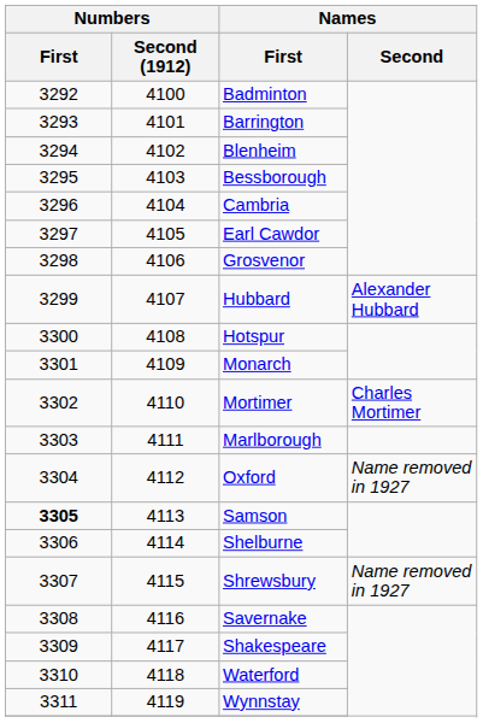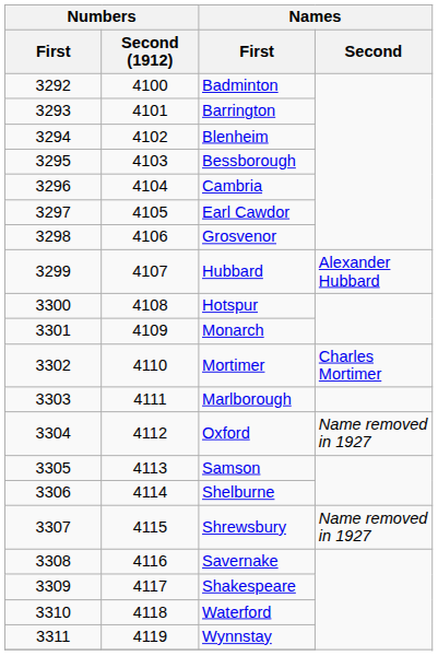 <table class="wikitable">
 <tr>
 <th colspan=2 align=center>Numbers</th>
 <th colspan=2>Names</th>
 </tr>
 <tr>
 <th width="90" align=center>First</th>
 <th width="90" align=center>Second (1912)</th>
 <th width="110" align=center>First</th>
 <th width="110" align=center>Second</th>
 </tr>
 <tr>
 <td align=center>3292</td>
 <td align=center>4100</td>
 <td><a href='#'>Badminton</a></td>
 </tr>
 <tr>
 <td align=center>3293</td>
 <td align=center>4101</td>
 <td><a href='#'>Barrington</a></td>
 </tr>
 <tr>
 <td align=center>3294</td>
 <td align=center>4102</td>
 <td><a href='#'>Blenheim</a></td>
 </tr>
 <tr>
 <td align=center>3295</td>
 <td align=center>4103</td>
 <td><a href='#'>Bessborough</a></td>
 </tr>
 <tr>
 <td align=center>3296</td>
 <td align=center>4104</td>
 <td><a href='#'>Cambria</a></td>
 </tr>
 <tr>
 <td align=center>3297</td>
 <td align=center>4105</td>
 <td><a href='#'>Earl Cawdor</a></td>
 </tr>
 <tr>
 <td align=center>3298</td>
 <td align=center>4106</td>
 <td><a href='#'>Grosvenor</a></td>
 </tr>
 <tr>
 <td align=center>3299</td>
 <td align=center>4107</td>
 <td><a href='#'>Hubbard</a></td>
 <td><a href='#'>Alexander Hubbard</a></td>
 </tr>
 <tr>
 <td align=center>3300</td>
 <td align=center>4108</td>
 <td><a href='#'>Hotspur</a></td>
 </tr>
 <tr>
 <td align=center>3301</td>
 <td align=center>4109</td>
 <td><a href='#'>Monarch</a></td>
 </tr>
 <tr>
 <td align=center>3302</td>
 <td align=center>4110</td>
 <td><a href='#'>Mortimer</a></td>
 <td><a href='#'>Charles Mortimer</a></td>
 </tr>
 <tr>
 <td align=center>3303</td>
 <td align=center>4111</td>
 <td><a href='#'>Marlborough</a></td>
 </tr>
 <tr>
 <td align=center>3304</td>
 <td align=center>4112</td>
 <td><a href='#'>Oxford</a></td>
 <td><em>Name removed in 1927</em></td>
 </tr>
 <tr>
-<td align=center><strong>3305</strong></td>
+<td align=center>3305</td>
 <td align=center>4113</td>
 <td><a href='#'>Samson</a></td>
 </tr>
 <tr>
 <td align=center>3306</td>
 <td align=center>4114</td>
 <td><a href='#'>Shelburne</a></td>
 </tr>
 <tr>
 <td align=center>3307</td>
 <td align=center>4115</td>
 <td><a href='#'>Shrewsbury</a></td>
 <td><em>Name removed in 1927</em></td>
 </tr>
 <tr>
 <td align=center>3308</td>
 <td align=center>4116</td>
 <td><a href='#'>Savernake</a></td>
 </tr>
 <tr>
 <td align=center>3309</td>
 <td align=center>4117</td>
 <td><a href='#'>Shakespeare</a></td>
 </tr>
 <tr>
 <td align=center>3310</td>
 <td align=center>4118</td>
 <td><a href='#'>Waterford</a></td>
 </tr>
 <tr>
 <td align=center>3311</td>
 <td align=center>4119</td>
 <td><a href='#'>Wynnstay</a></td>
 </tr>
 <tr>
 </tr>
 </table>
